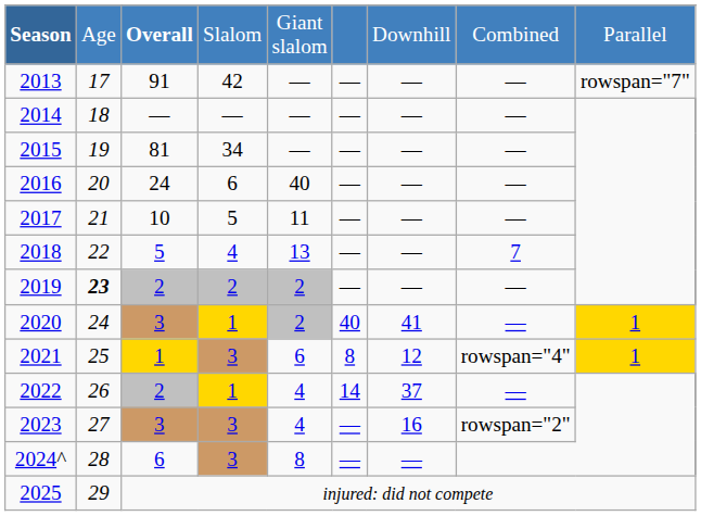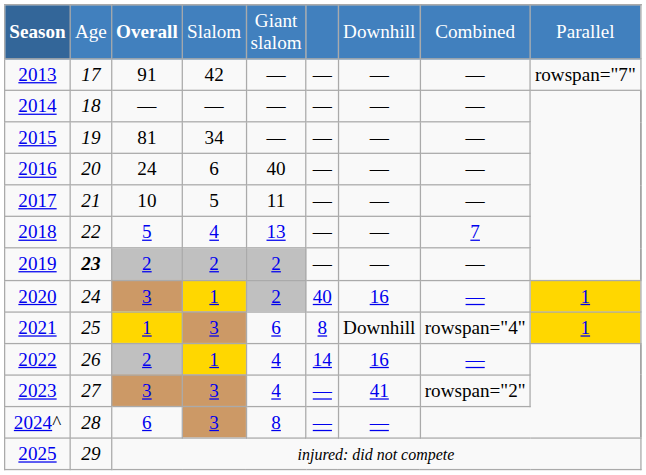 <table class="wikitable"  style="font-size:95%; text-align:center; border:gray solid 1px; width:40%;">
 <tr style="background:#369; color:white;">
 <td rowspan="2" style="width:6%;"><strong>Season</strong></td>
 </tr>
 <tr style="background:#4180be; color:white;">
 <td style="width:3%;">Age</td>
 <td style="width:5%;"><strong>Overall</strong></td>
 <td style="width:5%;">Slalom</td>
 <td style="width:5%;">Giant<br>slalom</td>
 <td style="width:5%;"></td>
 <td style="width:5%;">Downhill</td>
 <td style="width:5%;">Combined</td>
 <td style="width:5%;">Parallel</td>
 </tr>
 <tr>
 <td><a href='#'>2013</a></td>
 <td><em>17</em></td>
 <td>91</td>
 <td>42</td>
 <td>—</td>
 <td>—</td>
 <td>—</td>
 <td>—</td>
 <td>rowspan="7" </td>
 </tr>
 <tr>
 <td><a href='#'>2014</a></td>
 <td><em>18</em></td>
 <td>—</td>
 <td>—</td>
 <td>—</td>
 <td>—</td>
 <td>—</td>
 <td>—</td>
 </tr>
 <tr>
 <td><a href='#'>2015</a></td>
 <td><em>19</em></td>
 <td>81</td>
 <td>34</td>
 <td>—</td>
 <td>—</td>
 <td>—</td>
 <td>—</td>
 </tr>
 <tr>
 <td><a href='#'>2016</a></td>
 <td><em>20</em></td>
 <td>24</td>
 <td>6</td>
 <td>40</td>
 <td>—</td>
 <td>—</td>
 <td>—</td>
 </tr>
 <tr>
 <td><a href='#'>2017</a></td>
 <td><em>21</em></td>
 <td>10</td>
 <td>5</td>
 <td>11</td>
 <td>—</td>
 <td>—</td>
 <td>—</td>
 </tr>
 <tr>
 <td><a href='#'>2018</a></td>
 <td><em>22</em></td>
 <td><a href='#'>5</a></td>
 <td><a href='#'>4</a></td>
 <td><a href='#'>13</a></td>
 <td>—</td>
 <td>—</td>
 <td><a href='#'>7</a></td>
 </tr>
 <tr>
 <td><a href='#'>2019</a></td>
 <td><strong><em>23</em></strong></td>
 <td style="background:silver;"><a href='#'>2</a></td>
 <td style="background:silver;"><a href='#'>2</a></td>
 <td style="background:silver;"><a href='#'>2</a></td>
 <td>—</td>
 <td>—</td>
 <td>—</td>
 </tr>
 <tr>
 <td><a href='#'>2020</a></td>
 <td><em>24</em></td>
 <td style="background:#c96;"><a href='#'>3</a></td>
 <td style="background:gold;"><a href='#'>1</a></td>
 <td style="background:silver;"><a href='#'>2</a></td>
 <td><a href='#'>40</a></td>
-<td><a href='#'>41</a></td>
+<td><a href='#'>16</a></td>
 <td><a href='#'>—</a></td>
 <td style="background:gold;"><a href='#'>1</a></td>
 </tr>
 <tr>
 <td><a href='#'>2021</a></td>
 <td><em>25</em></td>
 <td style="background:gold;"><a href='#'>1</a></td>
 <td style="background:#c96;"><a href='#'>3</a></td>
 <td><a href='#'>6</a></td>
 <td><a href='#'>8</a></td>
-<td><a href='#'>12</a></td>
+<td style="width:5%;">Downhill</td>
 <td>rowspan="4" </td>
 <td style="background:gold;"><a href='#'>1</a></td>
 </tr>
 <tr>
 <td><a href='#'>2022</a></td>
 <td><em>26</em></td>
 <td style="background:silver;"><a href='#'>2</a></td>
 <td style="background:gold;"><a href='#'>1</a></td>
 <td><a href='#'>4</a></td>
 <td><a href='#'>14</a></td>
-<td><a href='#'>37</a></td>
+<td><a href='#'>16</a></td>
 <td><a href='#'>—</a></td>
 </tr>
 <tr>
 <td><a href='#'>2023</a></td>
 <td><em>27</em></td>
 <td style="background:#c96;"><a href='#'>3</a></td>
 <td style="background:#c96;"><a href='#'>3</a></td>
 <td><a href='#'>4</a></td>
 <td><a href='#'>—</a></td>
-<td><a href='#'>16</a></td>
+<td><a href='#'>41</a></td>
 <td>rowspan="2" </td>
 </tr>
 <tr>
 <td> <a href='#'>2024</a>^</td>
 <td><em>28</em></td>
 <td><a href='#'>6</a></td>
 <td style="background:#c96;"><a href='#'>3</a></td>
 <td><a href='#'>8</a></td>
 <td><a href='#'>—</a></td>
 <td><a href='#'>—</a></td>
 </tr>
 <tr>
 <td><a href='#'>2025</a></td>
 <td><em>29</em></td>
 <td colspan=7><em><small>injured: did not compete</small></em></td>
 </tr>
 </table>
